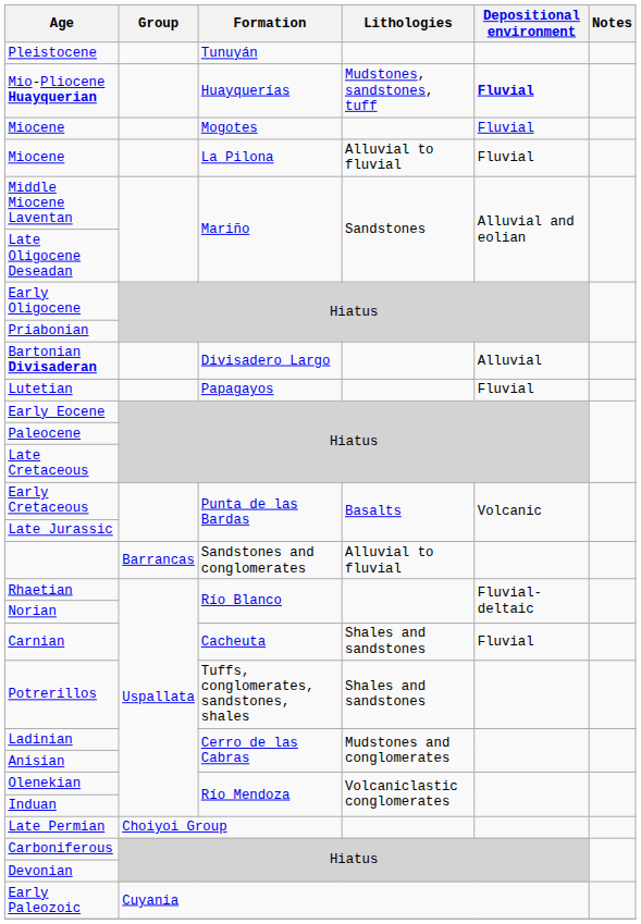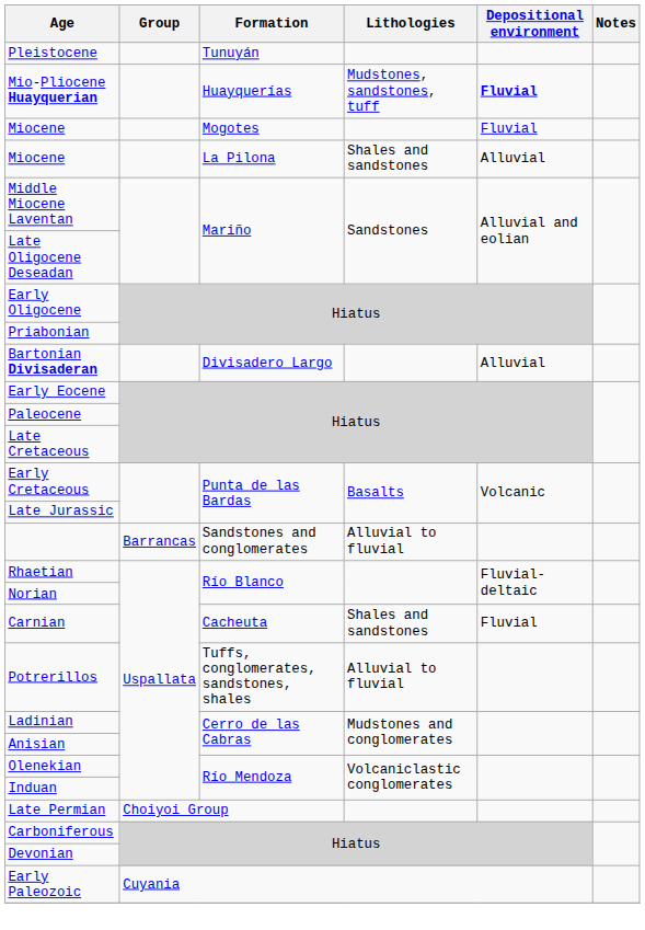 <table class="wikitable">
 <tr>
 <th>Age<br></th>
 <th>Group</th>
 <th>Formation</th>
 <th>Lithologies</th>
 <th><a href='#'>Depositional environment</a></th>
 <th>Notes</th>
 </tr>
 <tr>
 <td style="background-color: "><a href='#'>Pleistocene</a></td>
 <td></td>
 <td><a href='#'>Tunuyán</a></td>
 <td></td>
 <td></td>
 <td align=center></td>
 </tr>
 <tr>
 <td style="background-color: "><a href='#'>Mio</a>-<a href='#'>Pliocene</a><br><strong><a href='#'>Huayquerian</a></strong></td>
 <td></td>
 <td><a href='#'>Huayquerías</a></td>
 <td><a href='#'>Mudstones</a>, <a href='#'>sandstones</a>, <a href='#'>tuff</a></td>
 <td><strong><a href='#'>Fluvial</a></strong></td>
 <td align=center></td>
 </tr>
 <tr>
 <td style="background-color: "><a href='#'>Miocene</a></td>
 <td></td>
 <td><a href='#'>Mogotes</a></td>
 <td></td>
 <td><a href='#'>Fluvial</a></td>
 <td align=center></td>
 </tr>
 <tr>
 <td style="background-color: "><a href='#'>Miocene</a></td>
 <td></td>
 <td><a href='#'>La Pilona</a></td>
-<td>Alluvial to fluvial</td>
-<td>Fluvial</td>
+<td>Shales and sandstones</td>
+<td>Alluvial</td>
 <td align=center></td>
 </tr>
 <tr>
 <td style="background-color: "><a href='#'>Middle Miocene</a><br><a href='#'>Laventan</a></td>
 <td rowspan=2></td>
 <td rowspan=2><a href='#'>Mariño</a></td>
 <td rowspan=2>Sandstones</td>
 <td rowspan=2>Alluvial and eolian</td>
 <td align=center rowspan=2></td>
 </tr>
 <tr>
 <td style="background-color: "><a href='#'>Late Oligocene</a><br><a href='#'>Deseadan</a></td>
 </tr>
 <tr>
 <td style="background-color: "><a href='#'>Early Oligocene</a></td>
 <td rowspan=2 colspan=4 align=center style="background-color: lightgrey;">Hiatus</td>
 <td align=center rowspan=2></td>
 </tr>
 <tr>
 <td style="background-color: "><a href='#'>Priabonian</a></td>
 </tr>
 <tr>
 <td style="background-color: "><a href='#'>Bartonian</a><br><strong><a href='#'>Divisaderan</a></strong></td>
 <td></td>
 <td><a href='#'>Divisadero Largo</a></td>
 <td></td>
 <td>Alluvial</td>
-<td align=center></td>
-</tr>
-<tr>
-<td style="background-color: "><a href='#'>Lutetian</a></td>
-<td></td>
-<td><a href='#'>Papagayos</a></td>
-<td></td>
-<td>Fluvial</td>
 <td align=center></td>
 </tr>
 <tr>
 <td style="background-color: "><a href='#'>Early Eocene</a></td>
 <td rowspan=3 colspan=4 align=center style="background-color: lightgrey;">Hiatus</td>
 <td align=center rowspan=3></td>
 </tr>
 <tr>
 <td style="background-color: "><a href='#'>Paleocene</a></td>
 </tr>
 <tr>
 <td style="background-color: "><a href='#'>Late Cretaceous</a></td>
 </tr>
 <tr>
 <td style="background-color: "><a href='#'>Early Cretaceous</a></td>
 <td rowspan=2></td>
 <td rowspan=2><a href='#'>Punta de las Bardas</a></td>
 <td rowspan=2><a href='#'>Basalts</a></td>
 <td rowspan=2>Volcanic</td>
 <td align=center rowspan=2></td>
 </tr>
 <tr>
 <td style="background-color: "><a href='#'>Late Jurassic</a></td>
 </tr>
 <tr>
 <td></td>
 <td><a href='#'>Barrancas</a></td>
 <td>Sandstones and conglomerates</td>
 <td>Alluvial to fluvial</td>
 <td align=center></td>
 </tr>
 <tr>
 <td style="background-color: "><a href='#'>Rhaetian</a></td>
 <td rowspan=8><a href='#'>Uspallata</a></td>
 <td rowspan=2><a href='#'>Río Blanco</a></td>
 <td rowspan=2></td>
 <td rowspan=2>Fluvial-deltaic</td>
 <td align=center rowspan=2></td>
 </tr>
 <tr>
 <td style="background-color: "><a href='#'>Norian</a></td>
 </tr>
 <tr>
 <td style="background-color: "><a href='#'>Carnian</a></td>
 <td><a href='#'>Cacheuta</a></td>
 <td>Shales and sandstones</td>
 <td>Fluvial</td>
 <td align=center></td>
 </tr>
 <tr>
 <td><a href='#'>Potrerillos</a></td>
 <td>Tuffs, conglomerates, sandstones, shales</td>
-<td>Shales and sandstones</td>
+<td>Alluvial to fluvial</td>
 <td align=center></td>
 </tr>
 <tr>
 <td style="background-color: "><a href='#'>Ladinian</a></td>
 <td rowspan=2><a href='#'>Cerro de las Cabras</a></td>
 <td rowspan=2>Mudstones and conglomerates</td>
 <td rowspan=2></td>
 <td align=center rowspan=2></td>
 </tr>
 <tr>
 <td style="background-color: "><a href='#'>Anisian</a></td>
 </tr>
 <tr>
 <td style="background-color: "><a href='#'>Olenekian</a></td>
 <td rowspan=2><a href='#'>Río Mendoza</a></td>
 <td rowspan=2>Volcaniclastic conglomerates</td>
 <td rowspan=2></td>
 <td align=center rowspan=2></td>
 </tr>
 <tr>
 <td style="background-color: "><a href='#'>Induan</a></td>
 </tr>
 <tr>
 <td style="background-color: "><a href='#'>Late Permian</a></td>
 <td colspan=2><a href='#'>Choiyoi Group</a></td>
 <td></td>
 <td></td>
 <td align=center></td>
 </tr>
 <tr>
 <td style="background-color: "><a href='#'>Carboniferous</a></td>
 <td rowspan=2 colspan=4 align=center style="background-color: lightgrey;">Hiatus</td>
 <td align=center rowspan=2></td>
 </tr>
 <tr>
 <td style="background-color: "><a href='#'>Devonian</a></td>
 </tr>
 <tr>
 <td style="background-color: "><a href='#'>Early Paleozoic</a></td>
 <td colspan=4><a href='#'>Cuyania</a></td>
 <td align=center></td>
 </tr>
 <tr>
 </tr>
 </table>
